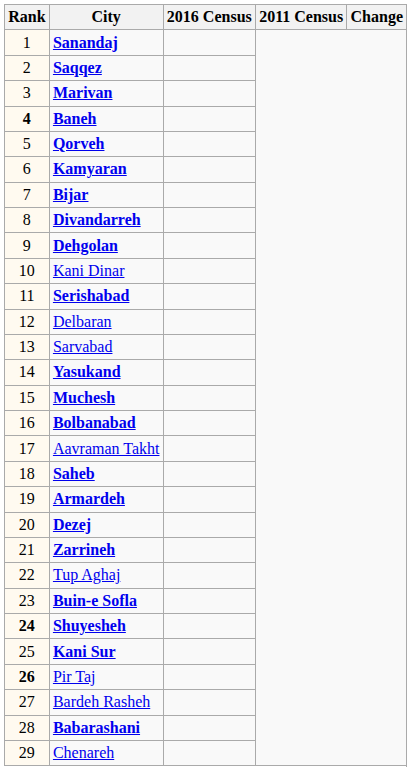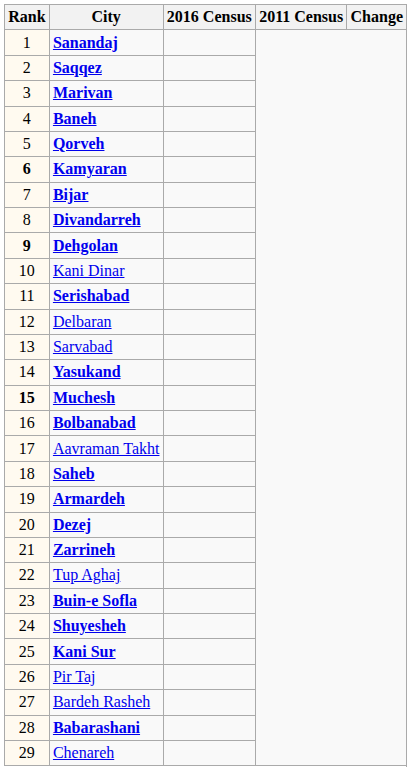 <table class="wikitable sortable">
 <tr>
 <th>Rank</th>
 <th>City</th>
 <th>2016 Census</th>
 <th>2011 Census</th>
 <th>Change</th>
 </tr>
 <tr>
 <td align=center bgcolor="FFFAF0">1</td>
 <td><strong><a href='#'>Sanandaj</a></strong></td>
 <td></td>
 </tr>
 <tr>
 <td align=center bgcolor="FFFAF0">2</td>
 <td><strong><a href='#'>Saqqez</a></strong></td>
 <td></td>
 </tr>
 <tr>
 <td align="center" bgcolor="FFFAF0">3</td>
 <td><strong><a href='#'>Marivan</a></strong></td>
 <td></td>
 </tr>
 <tr>
-<td align="center" bgcolor="FFFAF0"><strong>4</strong></td>
+<td align="center" bgcolor="FFFAF0">4</td>
 <td><strong><a href='#'>Baneh</a></strong></td>
 <td></td>
 </tr>
 <tr>
 <td align=center bgcolor="FFFAF0">5</td>
 <td><strong><a href='#'>Qorveh</a></strong></td>
 <td></td>
 </tr>
 <tr>
-<td align=center bgcolor="FFFAF0">6</td>
+<td align=center bgcolor="FFFAF0"><strong>6</strong></td>
 <td><strong><a href='#'>Kamyaran</a></strong></td>
 <td></td>
 </tr>
 <tr>
 <td align="center" bgcolor="FFFAF0">7</td>
 <td><strong><a href='#'>Bijar</a></strong></td>
 <td></td>
 </tr>
 <tr>
 <td align=center bgcolor="FFFAF0">8</td>
 <td><strong><a href='#'>Divandarreh</a></strong></td>
 <td></td>
 </tr>
 <tr>
-<td align=center bgcolor="FFFAF0">9</td>
+<td align=center bgcolor="FFFAF0"><strong>9</strong></td>
 <td><strong><a href='#'>Dehgolan</a></strong></td>
 <td></td>
 </tr>
 <tr>
 <td align=center bgcolor="FFFAF0">10</td>
 <td><a href='#'>Kani Dinar</a></td>
 <td></td>
 </tr>
 <tr>
 <td align=center bgcolor="FFFAF0">11</td>
 <td><strong><a href='#'>Serishabad</a></strong></td>
 <td></td>
 </tr>
 <tr>
 <td align=center bgcolor="FFFAF0">12</td>
 <td><a href='#'>Delbaran</a></td>
 <td></td>
 </tr>
 <tr>
 <td align=center bgcolor="FFFAF0">13</td>
 <td><a href='#'>Sarvabad</a></td>
 <td></td>
 </tr>
 <tr>
 <td align="center" bgcolor="FFFAF0">14</td>
 <td><strong><a href='#'>Yasukand</a></strong></td>
 <td></td>
 </tr>
 <tr>
-<td align="center" bgcolor="FFFAF0">15</td>
+<td align="center" bgcolor="FFFAF0"><strong>15</strong></td>
 <td><strong><a href='#'>Muchesh</a></strong></td>
 <td></td>
 </tr>
 <tr>
 <td align=center bgcolor="FFFAF0">16</td>
 <td><strong><a href='#'>Bolbanabad</a></strong></td>
 <td></td>
 </tr>
 <tr>
 <td align=center bgcolor="FFFAF0">17</td>
 <td><a href='#'>Aavraman Takht</a></td>
 <td></td>
 </tr>
 <tr>
 <td align="center" bgcolor="FFFAF0">18</td>
 <td><strong><a href='#'>Saheb</a></strong></td>
 <td></td>
 </tr>
 <tr>
 <td align="center" bgcolor="FFFAF0">19</td>
 <td><strong><a href='#'>Armardeh</a></strong></td>
 <td></td>
 </tr>
 <tr>
 <td align=center bgcolor="FFFAF0">20</td>
 <td><strong><a href='#'>Dezej</a></strong></td>
 <td></td>
 </tr>
 <tr>
 <td align=center bgcolor="FFFAF0">21</td>
 <td><strong><a href='#'>Zarrineh</a></strong></td>
 <td></td>
 </tr>
 <tr>
 <td align=center bgcolor="FFFAF0">22</td>
 <td><a href='#'>Tup Aghaj</a></td>
 <td></td>
 </tr>
 <tr>
 <td align=center bgcolor="FFFAF0">23</td>
 <td><strong><a href='#'>Buin-e Sofla</a></strong></td>
 <td></td>
 </tr>
 <tr>
-<td align=center bgcolor="FFFAF0"><strong>24</strong></td>
+<td align=center bgcolor="FFFAF0">24</td>
 <td><strong><a href='#'>Shuyesheh</a></strong></td>
 <td></td>
 </tr>
 <tr>
 <td align=center bgcolor="FFFAF0">25</td>
 <td><strong><a href='#'>Kani Sur</a></strong></td>
 <td></td>
 </tr>
 <tr>
-<td align=center bgcolor="FFFAF0"><strong>26</strong></td>
+<td align=center bgcolor="FFFAF0">26</td>
 <td><a href='#'>Pir Taj</a></td>
 <td></td>
 </tr>
 <tr>
 <td align=center bgcolor="FFFAF0">27</td>
 <td><a href='#'>Bardeh Rasheh</a></td>
 <td></td>
 </tr>
 <tr>
 <td align=center bgcolor="FFFAF0">28</td>
 <td><strong><a href='#'>Babarashani</a></strong></td>
 <td></td>
 </tr>
 <tr>
 <td align=center bgcolor="FFFAF0">29</td>
 <td><a href='#'>Chenareh</a></td>
 <td></td>
 </tr>
 <tr>
 </tr>
 </table>
